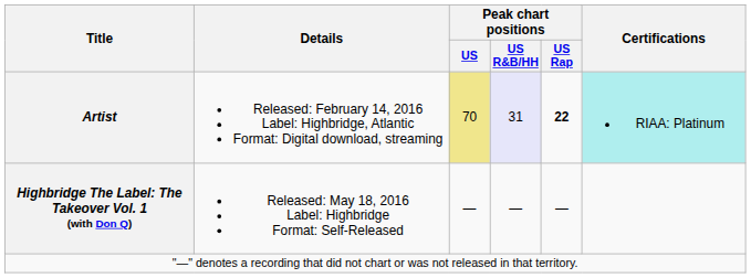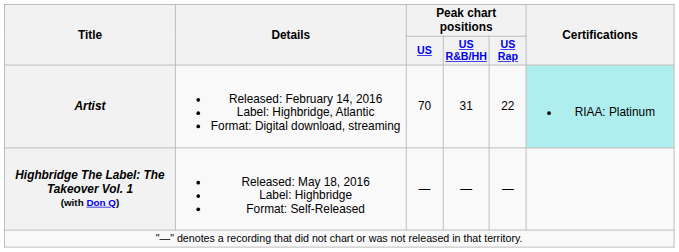 <table class="wikitable plainrowheaders" style="text-align:center;">
 <tr>
 <th scope="col" rowspan=2 style="width:14em;">Title</th>
 <th scope="col" rowspan=2 style="width:19em;">Details</th>
 <th scope="col" colspan=3>Peak chart positions</th>
 <th scope="col" rowspan="2" style="width:12em;">Certifications</th>
 </tr>
 <tr>
 <th scope="col" style="width:3em;font-size:90%;"><a href='#'>US</a><br></th>
 <th scope="col" style="width:3em;font-size:90%;"><a href='#'>US R&B/HH</a><br></th>
 <th scope="col" style="width:3em;font-size:90%;"><a href='#'>US<br>Rap</a><br></th>
 </tr>
 <tr>
 <th scope="row"><em>Artist</em></th>
 <td><br><ul><li>Released: February 14, 2016</li><li>Label: Highbridge, Atlantic</li><li>Format: Digital download, streaming</li></ul></td>
-<td style="background: khaki;">70</td>
-<td style="background: lavender;">31</td>
-<td><strong>22</strong></td>
+<td>70</td>
+<td>31</td>
+<td>22</td>
 <td style="background: paleturquoise;"><br><ul><li>RIAA: Platinum</li></ul></td>
 </tr>
 <tr>
 <th scope="row"><em>Highbridge The Label: The Takeover Vol. 1</em><br><small>(with <a href='#'>Don Q</a>)</small></th>
 <td><br><ul><li>Released: May 18, 2016</li><li>Label: Highbridge</li><li>Format: Self-Released</li></ul></td>
 <td>—</td>
 <td>—</td>
 <td>—</td>
 <td></td>
 </tr>
 <tr>
 <td colspan="10" style="font-size:90%">"—" denotes a recording that did not chart or was not released in that territory.</td>
 </tr>
 </table>
